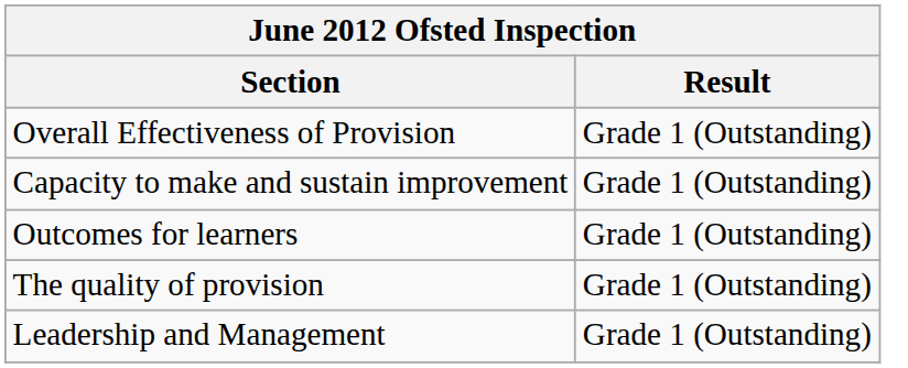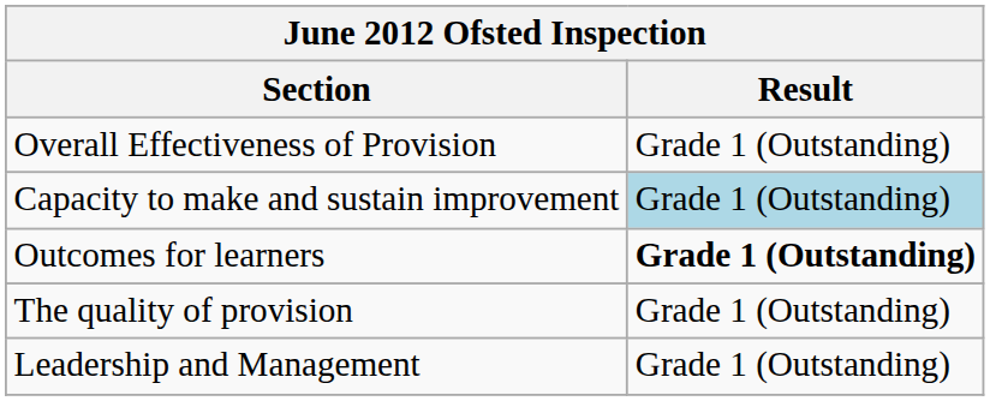 <table class="wikitable">
 <tr>
 <th colspan="6">June 2012 Ofsted Inspection </th>
 </tr>
 <tr>
 <th>Section</th>
 <th>Result</th>
 </tr>
 <tr>
 <td>Overall Effectiveness of Provision</td>
 <td>Grade 1 (Outstanding)</td>
 </tr>
 <tr>
 <td>Capacity to make and sustain improvement</td>
-<td>Grade 1 (Outstanding)</td>
+<td style="background: lightblue;">Grade 1 (Outstanding)</td>
 </tr>
 <tr>
 <td>Outcomes for learners</td>
-<td>Grade 1 (Outstanding)</td>
+<td><strong>Grade 1 (Outstanding)</strong></td>
 </tr>
 <tr>
 <td>The quality of provision</td>
 <td>Grade 1 (Outstanding)</td>
 </tr>
 <tr>
 <td>Leadership and Management</td>
 <td>Grade 1 (Outstanding)</td>
 </tr>
 </table>
